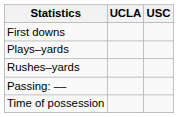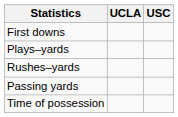 <table class="wikitable" style="float:left">
 <tr>
 <th>Statistics</th>
 <th>UCLA</th>
 <th>USC</th>
 </tr>
 <tr>
 <td>First downs</td>
 <td></td>
 <td></td>
 </tr>
 <tr>
 <td>Plays–yards</td>
 <td></td>
 <td></td>
 </tr>
 <tr>
 <td>Rushes–yards</td>
 <td></td>
 <td></td>
 </tr>
 <tr>
-<td>Passing: ––</td>
+<td>Passing yards</td>
 <td></td>
 <td></td>
 </tr>
 <tr>
 <td>Time of possession</td>
 <td></td>
 <td></td>
 </tr>
 </table>
